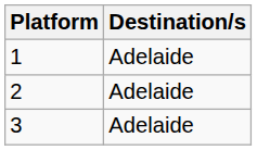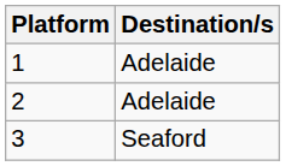 <table class="wikitable">
 <tr>
 <th>Platform</th>
 <th>Destination/s</th>
 </tr>
 <tr>
 <td style="background:#"><span>1</span></td>
 <td>Adelaide</td>
 </tr>
 <tr>
 <td style="background:#"><span>2</span></td>
 <td>Adelaide</td>
 </tr>
 <tr>
 <td style="background:#"><span>3</span></td>
-<td>Adelaide</td>
+<td>Seaford</td>
 </tr>
 </table>
